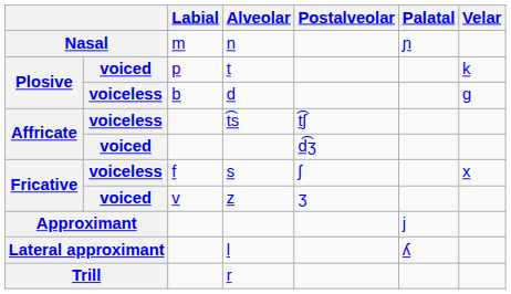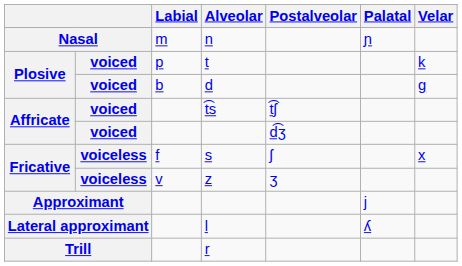 <table class="wikitable">
 <tr>
 <th colspan="2"></th>
 <th><a href='#'>Labial</a></th>
 <th><a href='#'>Alveolar</a></th>
 <th><a href='#'>Post­alveolar</a></th>
 <th><a href='#'>Palatal</a></th>
 <th><a href='#'>Velar</a></th>
 </tr>
 <tr>
 <th colspan="2"><a href='#'>Nasal</a></th>
 <td><a href='#'>m</a></td>
 <td><a href='#'>n</a></td>
 <td></td>
 <td><a href='#'>ɲ</a></td>
 <td></td>
 </tr>
 <tr>
 <th rowspan="2"><a href='#'>Plosive</a></th>
 <th><a href='#'>voiced</a></th>
 <td><a href='#'>p</a></td>
 <td><a href='#'>t</a></td>
 <td></td>
 <td></td>
 <td><a href='#'>k</a></td>
 </tr>
 <tr>
-<th><a href='#'>voiceless</a></th>
+<th><a href='#'>voiced</a></th>
 <td><a href='#'>b</a></td>
 <td><a href='#'>d</a></td>
 <td></td>
 <td></td>
 <td><a href='#'>ɡ</a></td>
 </tr>
 <tr>
 <th rowspan="2"><a href='#'>Affricate</a></th>
-<th><a href='#'>voiceless</a></th>
+<th><a href='#'>voiced</a></th>
 <td></td>
 <td><a href='#'>t͡s</a></td>
 <td><a href='#'>t͡ʃ</a></td>
 <td></td>
 <td></td>
 </tr>
 <tr>
 <th><a href='#'>voiced</a></th>
 <td></td>
 <td></td>
 <td><a href='#'>d͡ʒ</a></td>
 <td></td>
 <td></td>
 </tr>
 <tr>
 <th rowspan="2"><a href='#'>Fricative</a></th>
 <th><a href='#'>voiceless</a></th>
 <td><a href='#'>f</a></td>
 <td><a href='#'>s</a></td>
 <td><a href='#'>ʃ</a></td>
 <td></td>
 <td><a href='#'>x</a></td>
 </tr>
 <tr>
-<th><a href='#'>voiced</a></th>
+<th><a href='#'>voiceless</a></th>
 <td><a href='#'>v</a></td>
 <td><a href='#'>z</a></td>
 <td><a href='#'>ʒ</a></td>
 <td></td>
 <td></td>
 </tr>
 <tr>
 <th colspan="2"><a href='#'>Approximant</a></th>
 <td></td>
 <td></td>
 <td></td>
 <td><a href='#'>j</a></td>
 <td></td>
 </tr>
 <tr>
 <th colspan="2"><a href='#'>Lateral approximant</a></th>
 <td></td>
 <td><a href='#'>l</a></td>
 <td></td>
 <td><a href='#'>ʎ</a></td>
 <td></td>
 </tr>
 <tr>
 <th colspan="2"><a href='#'>Trill</a></th>
 <td></td>
 <td><a href='#'>r</a></td>
 <td></td>
 <td></td>
 <td></td>
 </tr>
 </table>
